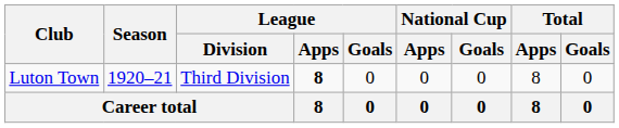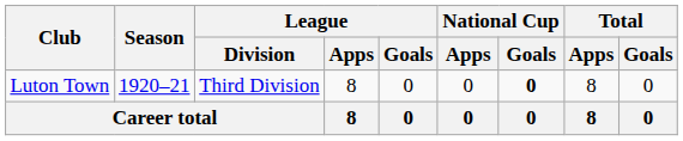 <table class="wikitable" style="text-align:center">
 <tr>
 <th rowspan="2">Club</th>
 <th rowspan="2">Season</th>
 <th colspan="3">League</th>
 <th colspan="2">National Cup</th>
 <th colspan="2">Total</th>
 </tr>
 <tr>
 <th>Division</th>
 <th>Apps</th>
 <th>Goals</th>
 <th>Apps</th>
 <th>Goals</th>
 <th>Apps</th>
 <th>Goals</th>
 </tr>
 <tr>
 <td><a href='#'>Luton Town</a></td>
 <td><a href='#'>1920–21</a></td>
 <td><a href='#'>Third Division</a></td>
-<td><strong>8</strong></td>
+<td>8</td>
 <td>0</td>
 <td>0</td>
-<td>0</td>
+<td><strong>0</strong></td>
 <td>8</td>
 <td>0</td>
 </tr>
 <tr>
 <th colspan="3">Career total</th>
 <th>8</th>
 <th>0</th>
 <th>0</th>
 <th>0</th>
 <th>8</th>
 <th>0</th>
 </tr>
 </table>
